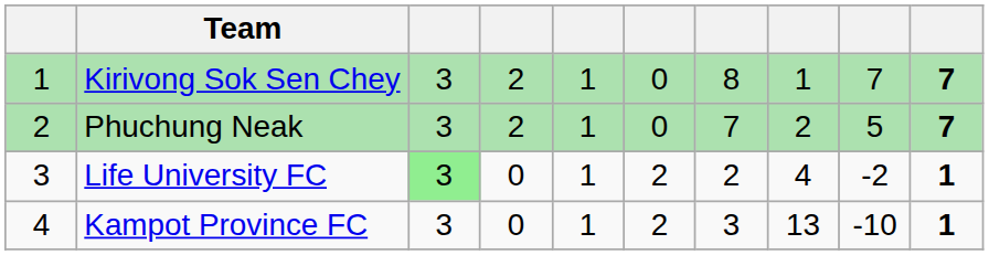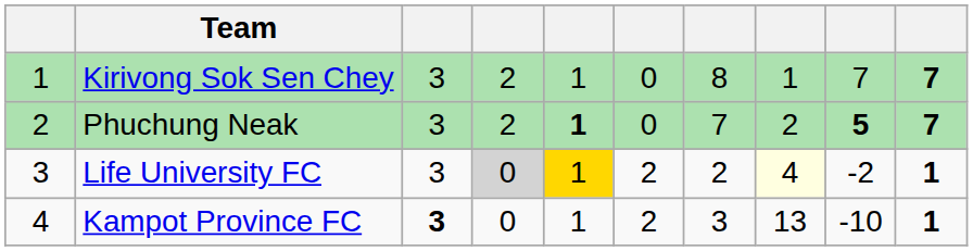 <table class="wikitable" style="text-align: center;">
 <tr>
 <th width=30></th>
 <th width=165>Team</th>
 <th width=30></th>
 <th width=30></th>
 <th width=30></th>
 <th width=30></th>
 <th width=30></th>
 <th width=30></th>
 <th width=30></th>
 <th width=30></th>
 </tr>
 <tr style="background:#ace1af;">
 <td>1</td>
 <td align=left><a href='#'>Kirivong Sok Sen Chey</a></td>
 <td>3</td>
 <td>2</td>
 <td>1</td>
 <td>0</td>
 <td>8</td>
 <td>1</td>
 <td>7</td>
 <td><strong>7</strong></td>
 </tr>
 <tr style="background:#ace1af;">
 <td>2</td>
 <td align=left>Phuchung Neak</td>
 <td>3</td>
 <td>2</td>
-<td>1</td>
+<td><strong>1</strong></td>
 <td>0</td>
 <td>7</td>
 <td>2</td>
-<td>5</td>
+<td><strong>5</strong></td>
 <td><strong>7</strong></td>
 </tr>
 <tr>
 <td>3</td>
 <td align=left><a href='#'>Life University FC</a></td>
-<td style="background: lightgreen;">3</td>
-<td>0</td>
-<td>1</td>
+<td>3</td>
+<td style="background: lightgrey;">0</td>
+<td style="background: gold;">1</td>
 <td>2</td>
 <td>2</td>
-<td>4</td>
+<td style="background: lightyellow;">4</td>
 <td>-2</td>
 <td><strong>1</strong></td>
 </tr>
 <tr>
 <td>4</td>
 <td align=left><a href='#'>Kampot Province FC</a></td>
-<td>3</td>
+<td><strong>3</strong></td>
 <td>0</td>
 <td>1</td>
 <td>2</td>
 <td>3</td>
 <td>13</td>
 <td>-10</td>
 <td><strong>1</strong></td>
 </tr>
 </table>
